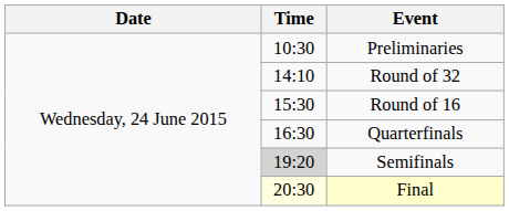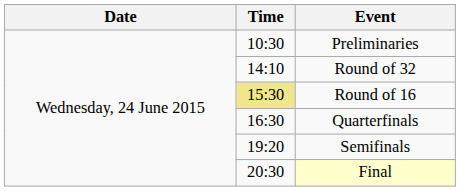 <table class = "wikitable" style="text-align:center;">
 <tr>
 <th width=220>Date</th>
 <th width=50>Time</th>
 <th width=150>Event</th>
 </tr>
 <tr>
 <td rowspan=6>Wednesday, 24 June 2015</td>
 <td>10:30</td>
 <td>Preliminaries</td>
 </tr>
 <tr>
 <td>14:10</td>
 <td>Round of 32</td>
 </tr>
 <tr>
-<td>15:30</td>
+<td style="background: khaki;">15:30</td>
 <td>Round of 16</td>
 </tr>
 <tr>
 <td>16:30</td>
 <td>Quarterfinals</td>
 </tr>
 <tr>
-<td style="background: lightgrey;">19:20</td>
+<td>19:20</td>
 <td>Semifinals</td>
 </tr>
 <tr>
-<td style="background: lightyellow;">20:30</td>
+<td>20:30</td>
 <td bgcolor=ffffcc>Final</td>
 </tr>
 </table>
